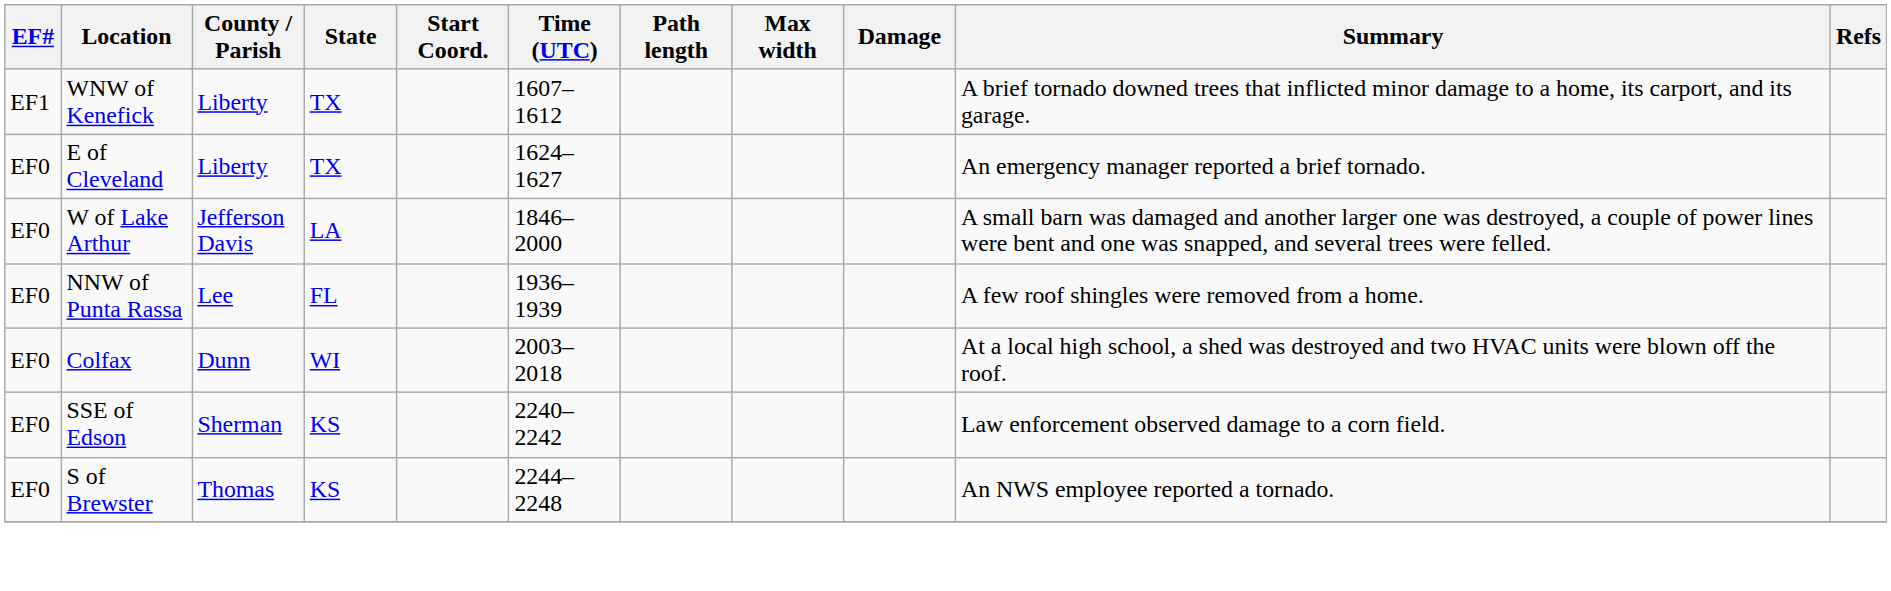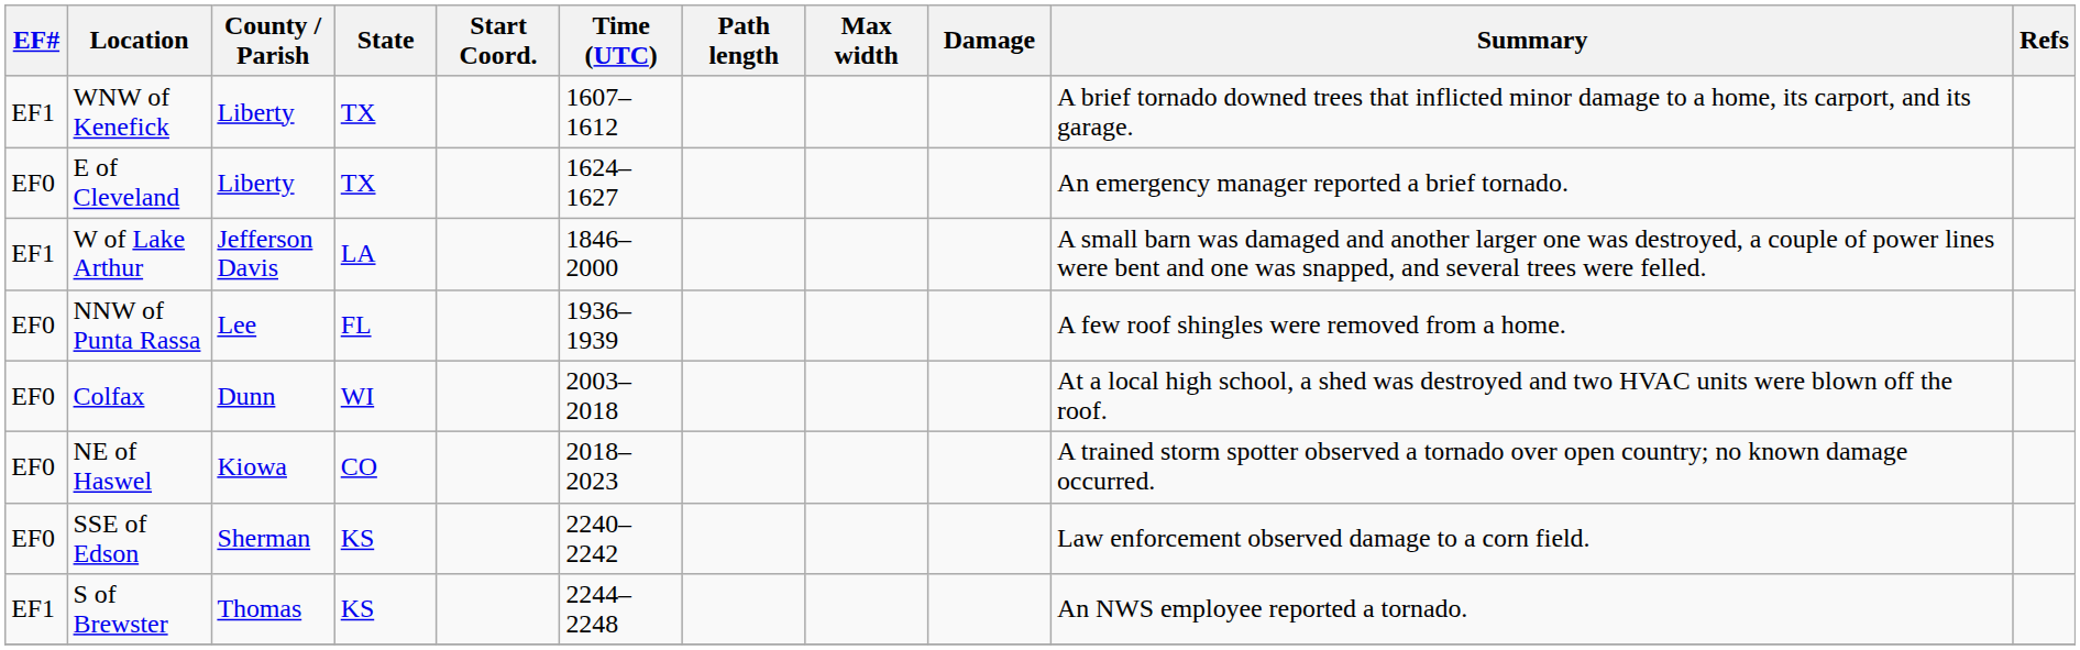 <table class="wikitable sortable" style="width:100%;">
 <tr>
 <th scope="col" width="3%" align="center"><a href='#'>EF#</a></th>
 <th scope="col" width="7%" align="center" class="unsortable">Location</th>
 <th scope="col" width="6%" align="center" class="unsortable">County / Parish</th>
 <th scope="col" width="5%" align="center">State</th>
 <th scope="col" width="6%" align="center">Start Coord.</th>
 <th scope="col" width="6%" align="center">Time (<a href='#'>UTC</a>)</th>
 <th scope="col" width="6%" align="center">Path length</th>
 <th scope="col" width="6%" align="center">Max width</th>
 <th scope="col" width="6%" align="center">Damage</th>
 <th scope="col" width="48%" class="unsortable" align="center">Summary</th>
 <th scope="col" width="48%" class="unsortable" align="center">Refs</th>
 </tr>
 <tr>
 <td>EF1</td>
 <td>WNW of <a href='#'>Kenefick</a></td>
 <td><a href='#'>Liberty</a></td>
 <td><a href='#'>TX</a></td>
 <td></td>
 <td>1607–1612</td>
 <td></td>
 <td></td>
 <td></td>
 <td>A brief tornado downed trees that inflicted minor damage to a home, its carport, and its garage.</td>
 <td></td>
 </tr>
 <tr>
 <td>EF0</td>
 <td>E of <a href='#'>Cleveland</a></td>
 <td><a href='#'>Liberty</a></td>
 <td><a href='#'>TX</a></td>
 <td></td>
 <td>1624–1627</td>
 <td></td>
 <td></td>
 <td></td>
 <td>An emergency manager reported a brief tornado.</td>
 <td></td>
 </tr>
 <tr>
-<td>EF0</td>
+<td>EF1</td>
 <td>W of <a href='#'>Lake Arthur</a></td>
 <td><a href='#'>Jefferson Davis</a></td>
 <td><a href='#'>LA</a></td>
 <td></td>
 <td>1846–2000</td>
 <td></td>
 <td></td>
 <td></td>
 <td>A small barn was damaged and another larger one was destroyed, a couple of power lines were bent and one was snapped, and several trees were felled.</td>
 <td></td>
 </tr>
 <tr>
 <td>EF0</td>
 <td>NNW of <a href='#'>Punta Rassa</a></td>
 <td><a href='#'>Lee</a></td>
 <td><a href='#'>FL</a></td>
 <td></td>
 <td>1936–1939</td>
 <td></td>
 <td></td>
 <td></td>
 <td>A few roof shingles were removed from a home.</td>
 <td></td>
 </tr>
 <tr>
 <td>EF0</td>
 <td><a href='#'>Colfax</a></td>
 <td><a href='#'>Dunn</a></td>
 <td><a href='#'>WI</a></td>
 <td></td>
 <td>2003–2018</td>
 <td></td>
 <td></td>
 <td></td>
 <td>At a local high school, a shed was destroyed and two HVAC units were blown off the roof.</td>
 <td></td>
 </tr>
 <tr>
 <td>EF0</td>
+<td>NE of <a href='#'>Haswel</a></td>
+<td><a href='#'>Kiowa</a></td>
+<td><a href='#'>CO</a></td>
+<td></td>
+<td>2018–2023</td>
+<td></td>
+<td></td>
+<td></td>
+<td>A trained storm spotter observed a tornado over open country; no known damage occurred.</td>
+<td></td>
+</tr>
+<tr>
+<td>EF0</td>
 <td>SSE of <a href='#'>Edson</a></td>
 <td><a href='#'>Sherman</a></td>
 <td><a href='#'>KS</a></td>
 <td></td>
 <td>2240–2242</td>
 <td></td>
 <td></td>
 <td></td>
 <td>Law enforcement observed damage to a corn field.</td>
 <td></td>
 </tr>
 <tr>
-<td>EF0</td>
+<td>EF1</td>
 <td>S of <a href='#'>Brewster</a></td>
 <td><a href='#'>Thomas</a></td>
 <td><a href='#'>KS</a></td>
 <td></td>
 <td>2244–2248</td>
 <td></td>
 <td></td>
 <td></td>
 <td>An NWS employee reported a tornado.</td>
 <td></td>
 </tr>
 <tr>
 </tr>
 </table>
